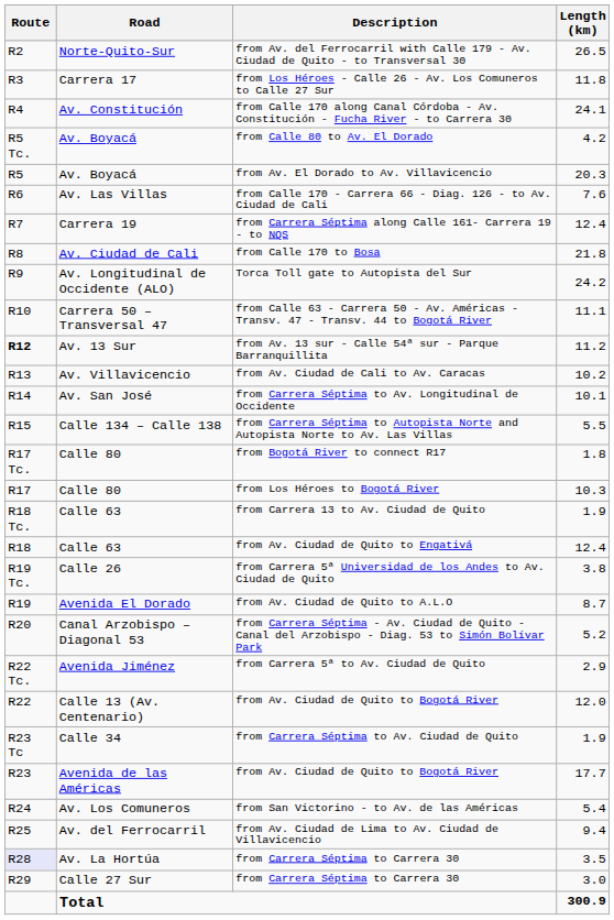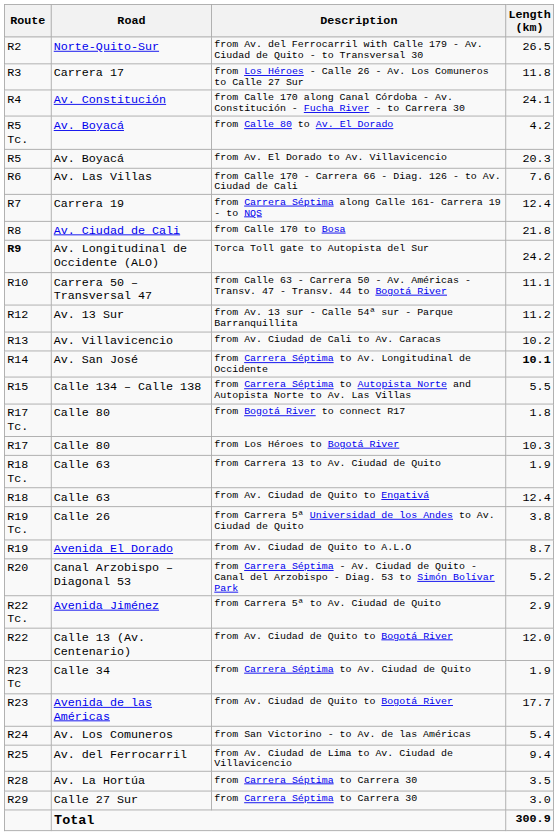 <table class="wikitable sortable">
 <tr style="background:#ccc;">
 <th>Route</th>
 <th>Road</th>
 <th>Description</th>
 <th>Length<br>(km)</th>
 </tr>
 <tr>
 <td valign="top">R2</td>
 <td valign="top"><a href='#'>Norte-Quito-Sur</a></td>
 <td valign="top" style="font-size:85%">from Av. del Ferrocarril with Calle 179 - Av. Ciudad de Quito - to Transversal 30</td>
 <td valign="top" align="right">26.5</td>
 </tr>
 <tr>
 <td valign="top">R3</td>
 <td valign="top">Carrera 17</td>
 <td valign="top" style="font-size:85%">from <a href='#'>Los Héroes</a> - Calle 26 - Av. Los Comuneros to Calle 27 Sur</td>
 <td valign="top" align="right">11.8</td>
 </tr>
 <tr>
 <td valign="top">R4</td>
 <td valign="top"><a href='#'>Av. Constitución</a></td>
 <td valign="top" style="font-size:85%">from Calle 170 along Canal Córdoba - Av. Constitución - <a href='#'>Fucha River</a> - to Carrera 30</td>
 <td valign="top" align="right">24.1</td>
 </tr>
 <tr>
 <td valign="top">R5 Tc.</td>
 <td valign="top"><a href='#'>Av. Boyacá</a></td>
 <td valign="top" style="font-size:85%">from <a href='#'>Calle 80</a> to <a href='#'>Av. El Dorado</a></td>
 <td valign="top" align="right">4.2</td>
 </tr>
 <tr>
 <td valign="top">R5</td>
 <td valign="top">Av. Boyacá</td>
 <td valign="top" style="font-size:85%">from  Av. El Dorado  to  Av. Villavicencio</td>
 <td valign="top" align="right">20.3</td>
 </tr>
 <tr>
 <td valign="top">R6</td>
 <td valign="top">Av. Las Villas</td>
 <td valign="top" style="font-size:85%">from  Calle 170 - Carrera 66 - Diag. 126 - to Av. Ciudad de Cali</td>
 <td valign="top" align="right">7.6</td>
 </tr>
 <tr>
 <td valign="top">R7</td>
 <td valign="top">Carrera 19</td>
 <td valign="top" style="font-size:85%">from <a href='#'>Carrera Séptima</a> along Calle 161- Carrera 19 - to <a href='#'>NQS</a></td>
 <td valign="top" align="right">12.4</td>
 </tr>
 <tr>
 <td valign="top">R8</td>
 <td valign="top"><a href='#'>Av. Ciudad de Cali</a></td>
 <td valign="top" style="font-size:85%">from Calle 170 to <a href='#'>Bosa</a></td>
 <td valign="top" align="right">21.8</td>
 </tr>
 <tr>
-<td valign="top">R9</td>
+<td valign="top"><strong>R9</strong></td>
 <td valign="top">Av. Longitudinal de Occidente (ALO)</td>
 <td valign="top" style="font-size:85%">Torca Toll gate to Autopista del Sur</td>
 <td align="right">24.2</td>
 </tr>
 <tr>
 <td valign="top">R10</td>
 <td valign="top">Carrera 50 – Transversal 47</td>
 <td valign="top" style="font-size:85%">from Calle 63 - Carrera 50 - Av. Américas - Transv. 47 - Transv. 44 to <a href='#'>Bogotá River</a></td>
 <td valign="top" align="right"> 11.1</td>
 </tr>
 <tr>
-<td valign="top"><strong>R12</strong></td>
+<td valign="top">R12</td>
 <td valign="top">Av. 13 Sur</td>
 <td valign="top" style="font-size:85%">from  Av. 13 sur - Calle 54ª sur - Parque Barranquillita</td>
 <td valign="top" align="right">11.2</td>
 </tr>
 <tr>
 <td valign="top">R13</td>
 <td valign="top">Av. Villavicencio</td>
 <td valign="top" style="font-size:85%">from Av. Ciudad de Cali  to Av. Caracas</td>
 <td valign="top" align="right">10.2</td>
 </tr>
 <tr>
 <td valign="top">R14</td>
 <td valign="top">Av. San José</td>
 <td valign="top" style="font-size:85%">from <a href='#'>Carrera Séptima</a> to  Av. Longitudinal de Occidente</td>
-<td valign="top" align="right">10.1</td>
+<td valign="top" align="right"><strong>10.1</strong></td>
 </tr>
 <tr>
 <td valign="top">R15</td>
 <td valign="top">Calle 134 – Calle 138</td>
 <td valign="top" style="font-size:85%">from <a href='#'>Carrera Séptima</a> to <a href='#'>Autopista Norte</a> and Autopista Norte to Av. Las Villas</td>
 <td valign="top" align="right">5.5</td>
 </tr>
 <tr>
 <td valign="top">R17 Tc.</td>
 <td valign="top">Calle 80</td>
 <td valign="top" style="font-size:85%">from <a href='#'>Bogotá River</a> to connect R17</td>
 <td valign="top" align="right">1.8</td>
 </tr>
 <tr>
 <td valign="top">R17</td>
 <td valign="top">Calle 80</td>
 <td valign="top" style="font-size:85%">from Los Héroes to <a href='#'>Bogotá River</a></td>
 <td valign="top" align="right">10.3</td>
 </tr>
 <tr>
 <td valign="top">R18 Tc.</td>
 <td valign="top">Calle 63</td>
 <td valign="top" style="font-size:85%">from Carrera 13 to Av. Ciudad de Quito</td>
 <td valign="top" align="right">1.9</td>
 </tr>
 <tr>
 <td valign="top">R18</td>
 <td valign="top">Calle 63</td>
 <td valign="top" style="font-size:85%">from Av. Ciudad de Quito to <a href='#'>Engativá</a></td>
 <td valign="top" align="right">12.4</td>
 </tr>
 <tr>
 <td valign="top">R19 Tc.</td>
 <td valign="top">Calle 26</td>
 <td valign="top" style="font-size:85%">from Carrera 5ª <a href='#'>Universidad de los Andes</a> to Av. Ciudad de Quito</td>
 <td valign="top" align="right">3.8</td>
 </tr>
 <tr>
 <td valign="top">R19</td>
 <td valign="top"><a href='#'>Avenida El Dorado</a></td>
 <td valign="top" style="font-size:85%">from Av. Ciudad de Quito to A.L.O</td>
 <td valign="top" align="right">8.7</td>
 </tr>
 <tr>
 <td valign="top">R20</td>
 <td valign="top">Canal Arzobispo – Diagonal 53</td>
 <td valign="top" style="font-size:85%">from <a href='#'>Carrera Séptima</a> - Av. Ciudad de Quito - Canal del Arzobispo - Diag. 53 to <a href='#'>Simón Bolívar Park</a></td>
 <td align="right">5.2</td>
 </tr>
 <tr>
 <td valign="top">R22 Tc.</td>
 <td valign="top"><a href='#'>Avenida Jiménez</a></td>
 <td valign="top" style="font-size:85%">from  Carrera 5ª  to Av. Ciudad de Quito</td>
 <td valign="top" align="right">2.9</td>
 </tr>
 <tr>
 <td valign="top">R22</td>
 <td valign="top">Calle 13 (Av. Centenario)</td>
 <td valign="top" style="font-size:85%">from Av. Ciudad de Quito to <a href='#'>Bogotá River</a></td>
 <td valign="top" align="right">12.0</td>
 </tr>
 <tr>
 <td valign="top">R23 Tc</td>
 <td valign="top">Calle 34</td>
 <td valign="top" style="font-size:85%">from <a href='#'>Carrera Séptima</a> to Av. Ciudad de Quito</td>
 <td valign="top" align="right">1.9</td>
 </tr>
 <tr>
 <td valign="top">R23</td>
 <td valign="top"><a href='#'>Avenida de las Américas</a></td>
 <td valign="top" style="font-size:85%">from Av. Ciudad de Quito to <a href='#'>Bogotá River</a></td>
 <td valign="top" align="right">17.7</td>
 </tr>
 <tr>
 <td valign="top">R24</td>
 <td valign="top">Av. Los Comuneros</td>
 <td valign="top" style="font-size:85%">from San Victorino - to Av. de las Américas</td>
 <td valign="top" align="right">5.4</td>
 </tr>
 <tr>
 <td valign="top">R25</td>
 <td valign="top">Av. del Ferrocarril</td>
 <td valign="top" style="font-size:85%">from Av. Ciudad de Lima to  Av. Ciudad de Villavicencio</td>
 <td valign="top" align="right">9.4</td>
 </tr>
 <tr>
-<td valign="top" style="background: lavender;">R28</td>
+<td valign="top">R28</td>
 <td valign="top">Av. La Hortúa</td>
 <td valign="top" style="font-size:85%">from <a href='#'>Carrera Séptima</a> to Carrera 30</td>
 <td valign="top" align="right">3.5</td>
 </tr>
 <tr>
 <td valign="top">R29</td>
 <td valign="top">Calle 27 Sur</td>
 <td valign="top" style="font-size:85%">from <a href='#'>Carrera Séptima</a> to Carrera 30</td>
 <td valign="top" align="right">3.0</td>
 </tr>
 <tr>
 <td valign="top"> </td>
 <td valign="top" colspan="2" style="font-size:115%"><strong>Total</strong></td>
 <td valign="top" align="right"><strong>300.9</strong></td>
 </tr>
 </table>
